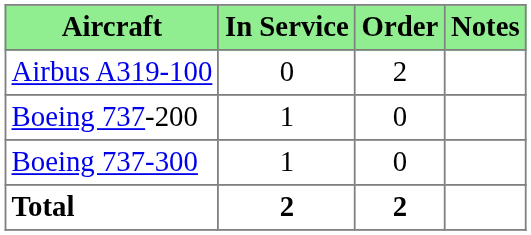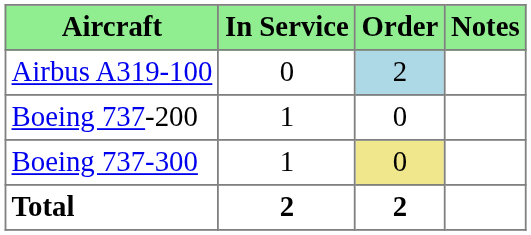 <table class="toccolours" border="1" cellpadding="3" style="margin:1em auto; border-collapse:collapse">
 <tr bgcolor=lightgreen>
 <th>Aircraft</th>
 <th>In Service</th>
 <th>Order</th>
 <th>Notes</th>
 </tr>
 <tr>
 <td><a href='#'>Airbus A319-100</a></td>
 <td align="center">0</td>
-<td align="center">2</td>
+<td align="center" style="background: lightblue;">2</td>
 <td align="center"></td>
 </tr>
 <tr>
 <td><a href='#'>Boeing 737</a>-200</td>
 <td align="center">1</td>
 <td align="center">0</td>
 <td align="center"></td>
 </tr>
 <tr>
 <td><a href='#'>Boeing 737-300</a></td>
 <td align="center">1</td>
-<td align="center">0</td>
+<td align="center" style="background: khaki;">0</td>
 <td align="center"></td>
 </tr>
 <tr>
 <td><strong>Total</strong></td>
 <th>2</th>
 <th>2</th>
 </tr>
 </table>
